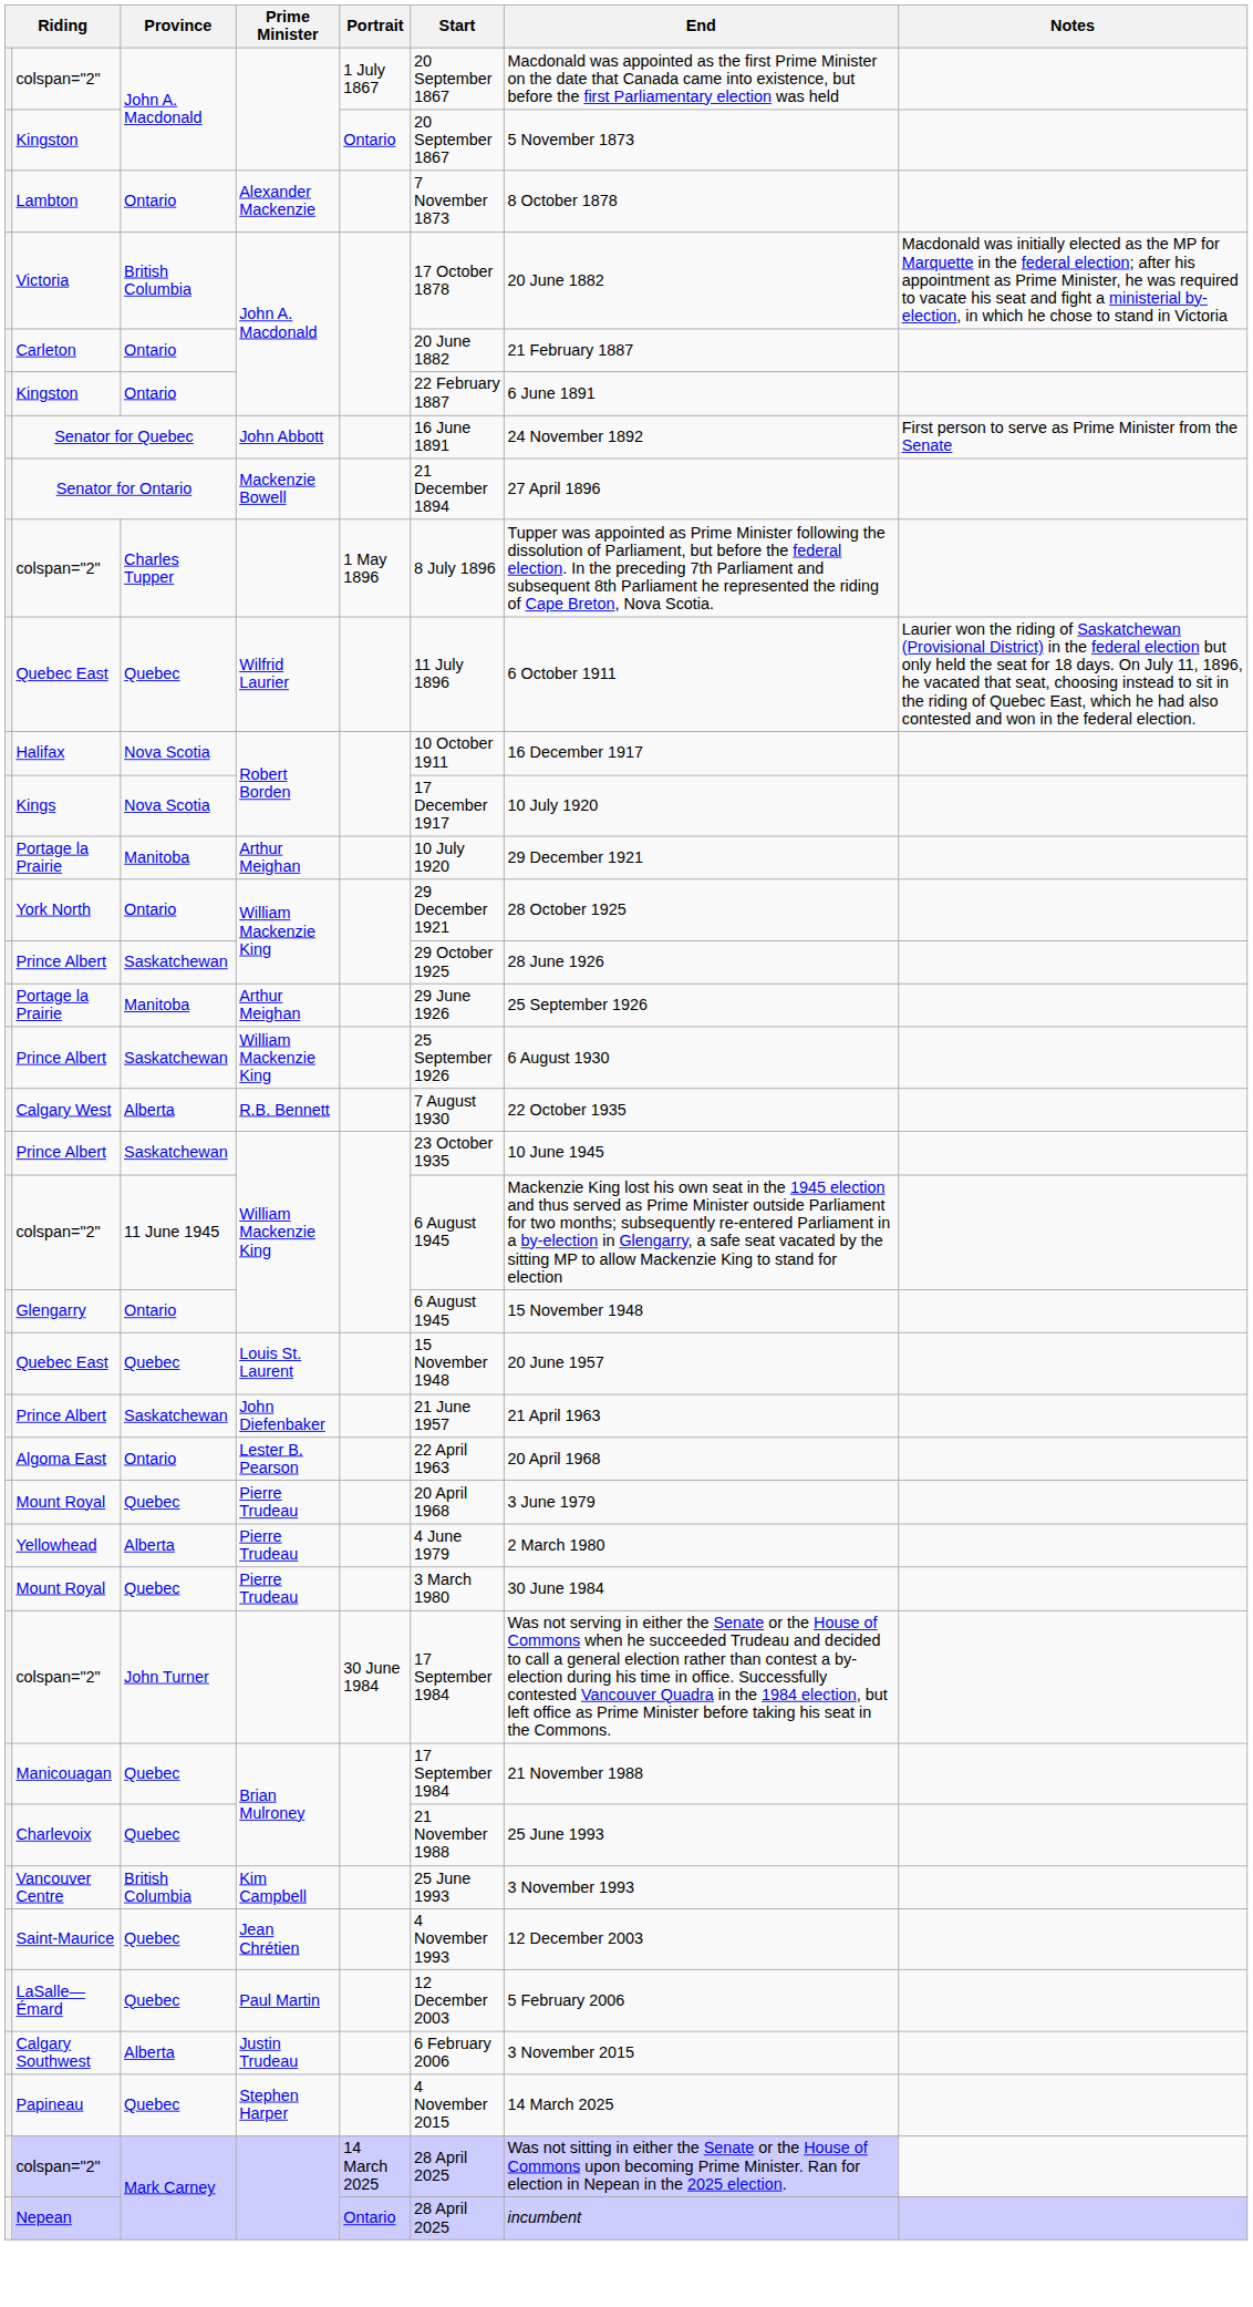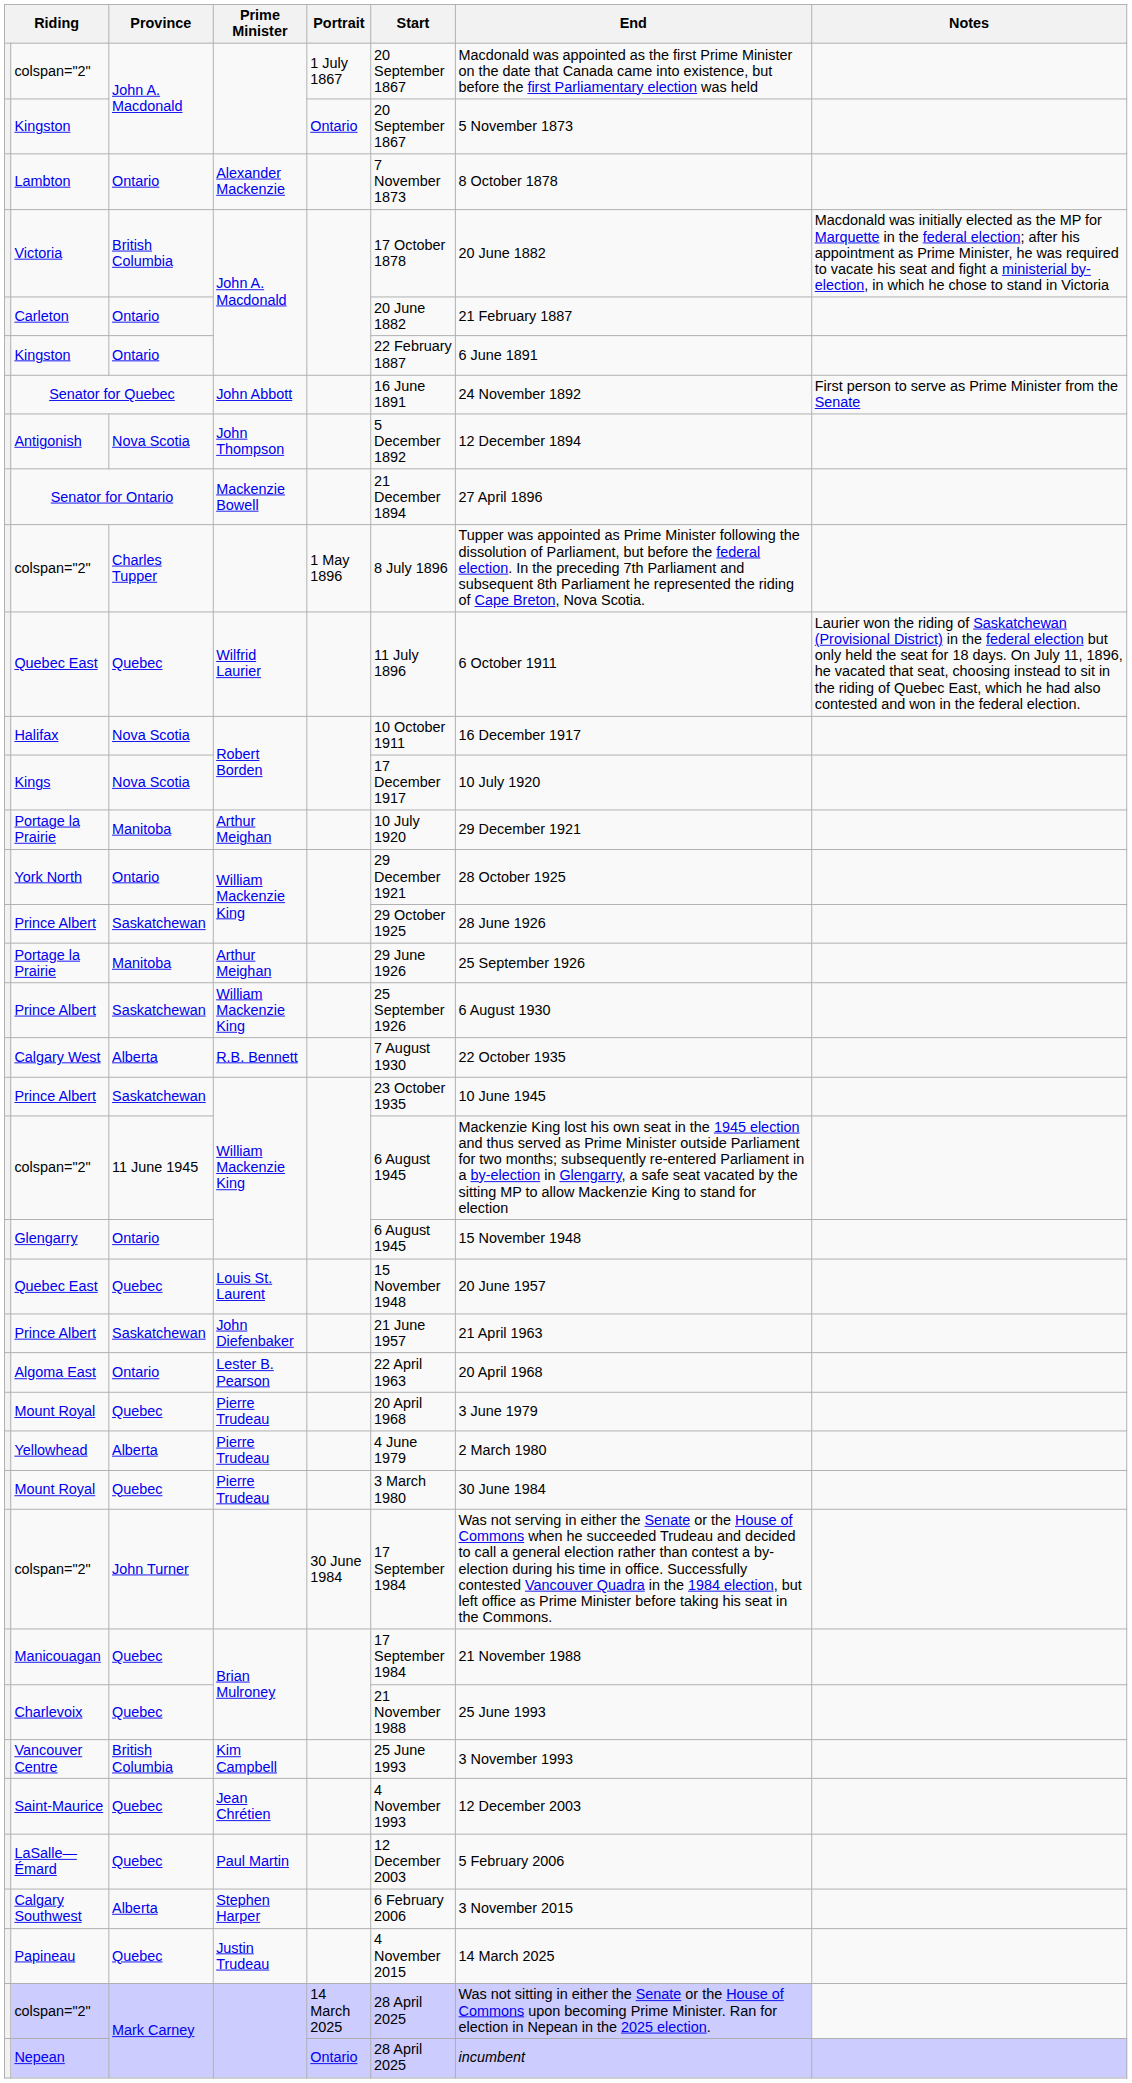 <table class="wikitable sortable sticky-header-multi" style=text-align:center" style="margin:1em auto;">
 <tr>
 <th colspan="2">Riding</th>
 <th>Province</th>
 <th>Prime Minister</th>
 <th class="unsortable">Portrait</th>
 <th data-sort-type="date">Start</th>
 <th data-sort-type="date">End</th>
 <th class="unsortable">Notes</th>
 </tr>
 <tr>
 <th style="background-color: "></th>
 <td>colspan="2" </td>
 <td rowspan=2><a href='#'>John A. Macdonald</a></td>
 <td rowspan=2></td>
 <td>1 July 1867</td>
 <td>20 September 1867</td>
 <td>Macdonald was appointed as the first Prime Minister on the date that Canada came into existence, but before the <a href='#'>first Parliamentary election</a> was held</td>
 </tr>
 <tr>
 <th style="background-color: "></th>
 <td><a href='#'>Kingston</a></td>
 <td> <a href='#'>Ontario</a></td>
 <td>20 September 1867</td>
 <td>5 November 1873</td>
 <td></td>
 </tr>
 <tr>
 <th style="background-color: "></th>
 <td><a href='#'>Lambton</a></td>
 <td> <a href='#'>Ontario</a></td>
 <td><a href='#'>Alexander Mackenzie</a></td>
 <td></td>
 <td>7 November 1873</td>
 <td>8 October 1878</td>
 <td></td>
 </tr>
 <tr>
 <th style="background-color: "></th>
 <td><a href='#'>Victoria</a></td>
 <td> <a href='#'>British Columbia</a></td>
 <td rowspan=3><a href='#'>John A. Macdonald</a></td>
 <td rowspan=3></td>
 <td>17 October 1878</td>
 <td>20 June 1882</td>
 <td>Macdonald was initially elected as the MP for <a href='#'>Marquette</a> in the <a href='#'>federal election</a>; after his appointment as Prime Minister, he was required to vacate his seat and fight a <a href='#'>ministerial by-election</a>, in which he chose to stand in Victoria</td>
 </tr>
 <tr>
 <th style="background-color: "></th>
 <td><a href='#'>Carleton</a></td>
 <td> <a href='#'>Ontario</a></td>
 <td>20 June 1882</td>
 <td>21 February 1887</td>
 <td></td>
 </tr>
 <tr>
 <th style="background-color: "></th>
 <td><a href='#'>Kingston</a></td>
 <td> <a href='#'>Ontario</a></td>
 <td>22 February 1887</td>
 <td>6 June 1891</td>
 <td></td>
 </tr>
 <tr>
 <th style="background-color: "></th>
 <td colspan=2 align=center> <a href='#'>Senator for Quebec</a></td>
 <td><a href='#'>John Abbott</a></td>
 <td></td>
 <td>16 June 1891</td>
 <td>24 November 1892</td>
 <td>First person to serve as Prime Minister from the <a href='#'>Senate</a></td>
+</tr>
+<tr>
+<th style="background-color: "></th>
+<td><a href='#'>Antigonish</a></td>
+<td> <a href='#'>Nova Scotia</a></td>
+<td><a href='#'>John Thompson</a></td>
+<td></td>
+<td>5 December 1892</td>
+<td>12 December 1894</td>
+<td></td>
 </tr>
 <tr>
 <th style="background-color: "></th>
 <td colspan=2 align=center> <a href='#'>Senator for Ontario</a></td>
 <td><a href='#'>Mackenzie Bowell</a></td>
 <td></td>
 <td>21 December 1894</td>
 <td>27 April 1896</td>
 <td></td>
 </tr>
 <tr>
 <th style="background-color: "></th>
 <td>colspan="2" </td>
 <td><a href='#'>Charles Tupper</a></td>
 <td></td>
 <td>1 May 1896</td>
 <td>8 July 1896</td>
 <td>Tupper was appointed as Prime Minister following the dissolution of Parliament, but before the <a href='#'>federal election</a>. In the preceding 7th Parliament and subsequent 8th Parliament he represented the riding of <a href='#'>Cape Breton</a>, Nova Scotia.</td>
 </tr>
 <tr>
 <th style="background-color: "></th>
 <td><a href='#'>Quebec East</a></td>
 <td> <a href='#'>Quebec</a></td>
 <td><a href='#'>Wilfrid Laurier</a></td>
 <td></td>
 <td>11 July 1896</td>
 <td>6 October 1911</td>
 <td>Laurier won the riding of <a href='#'>Saskatchewan (Provisional District)</a> in the <a href='#'>federal election</a> but only held the seat for 18 days. On July 11, 1896, he vacated that seat, choosing instead to sit in the riding of Quebec East, which he had also contested and won in the federal election.</td>
 </tr>
 <tr>
 <th style="background-color: "></th>
 <td><a href='#'>Halifax</a></td>
 <td> <a href='#'>Nova Scotia</a></td>
 <td rowspan=2><a href='#'>Robert Borden</a></td>
 <td rowspan=2></td>
 <td>10 October 1911</td>
 <td>16 December 1917</td>
 <td></td>
 </tr>
 <tr>
 <th style="background-color: "></th>
 <td><a href='#'>Kings</a></td>
 <td> <a href='#'>Nova Scotia</a></td>
 <td>17 December 1917</td>
 <td>10 July 1920</td>
 <td></td>
 </tr>
 <tr>
 <th style="background-color: "></th>
 <td><a href='#'>Portage la Prairie</a></td>
 <td> <a href='#'>Manitoba</a></td>
 <td><a href='#'>Arthur Meighan</a></td>
 <td></td>
 <td>10 July 1920</td>
 <td>29 December 1921</td>
 <td></td>
 </tr>
 <tr>
 <th style="background-color: "></th>
 <td><a href='#'>York North</a></td>
 <td> <a href='#'>Ontario</a></td>
 <td rowspan=2><a href='#'>William Mackenzie King</a></td>
 <td Rowspan=2></td>
 <td>29 December 1921</td>
 <td>28 October 1925</td>
 <td></td>
 </tr>
 <tr>
 <th style="background-color: "></th>
 <td><a href='#'>Prince Albert</a></td>
 <td> <a href='#'>Saskatchewan</a></td>
 <td>29 October 1925</td>
 <td>28 June 1926</td>
 <td></td>
 </tr>
 <tr>
 <th style="background-color: "></th>
 <td><a href='#'>Portage la Prairie</a></td>
 <td> <a href='#'>Manitoba</a></td>
 <td><a href='#'>Arthur Meighan</a></td>
 <td></td>
 <td>29 June 1926</td>
 <td>25 September 1926</td>
 <td></td>
 </tr>
 <tr>
 <th style="background-color: "></th>
 <td><a href='#'>Prince Albert</a></td>
 <td> <a href='#'>Saskatchewan</a></td>
 <td><a href='#'>William Mackenzie King</a></td>
 <td></td>
 <td>25 September 1926</td>
 <td>6 August 1930</td>
 <td></td>
 </tr>
 <tr>
 <th style="background-color: "></th>
 <td><a href='#'>Calgary West</a></td>
 <td> <a href='#'>Alberta</a></td>
 <td><a href='#'>R.B. Bennett</a></td>
 <td></td>
 <td>7 August 1930</td>
 <td>22 October 1935</td>
 <td></td>
 </tr>
 <tr>
 <th style="background-color: "></th>
 <td><a href='#'>Prince Albert</a></td>
 <td> <a href='#'>Saskatchewan</a></td>
 <td rowspan=3><a href='#'>William Mackenzie King</a></td>
 <td Rowspan=3></td>
 <td>23 October 1935</td>
 <td>10 June 1945</td>
 <td></td>
 </tr>
 <tr>
 <th style="background-color: "></th>
 <td>colspan="2" </td>
 <td>11 June 1945</td>
 <td>6 August 1945</td>
 <td>Mackenzie King lost his own seat in the <a href='#'>1945 election</a> and thus served as Prime Minister outside Parliament for two months; subsequently re-entered Parliament in a <a href='#'>by-election</a> in <a href='#'>Glengarry</a>, a safe seat vacated by the sitting MP to allow Mackenzie King to stand for election</td>
 </tr>
 <tr>
 <th style="background-color: "></th>
 <td><a href='#'>Glengarry</a></td>
 <td> <a href='#'>Ontario</a></td>
 <td>6 August 1945</td>
 <td>15 November 1948</td>
 <td></td>
 </tr>
 <tr>
 <th style="background-color: "></th>
 <td><a href='#'>Quebec East</a></td>
 <td> <a href='#'>Quebec</a></td>
 <td><a href='#'>Louis St. Laurent</a></td>
 <td></td>
 <td>15 November 1948</td>
 <td>20 June 1957</td>
 <td></td>
 </tr>
 <tr>
 <th style="background-color: "></th>
 <td><a href='#'>Prince Albert</a></td>
 <td> <a href='#'>Saskatchewan</a></td>
 <td><a href='#'>John Diefenbaker</a></td>
 <td></td>
 <td>21 June 1957</td>
 <td>21 April 1963</td>
 <td></td>
 </tr>
 <tr>
 <th style="background-color: "></th>
 <td><a href='#'>Algoma East</a></td>
 <td> <a href='#'>Ontario</a></td>
 <td><a href='#'>Lester B. Pearson</a></td>
 <td></td>
 <td>22 April 1963</td>
 <td>20 April 1968</td>
 <td></td>
 </tr>
 <tr>
 <th style="background-color: "></th>
 <td><a href='#'>Mount Royal</a></td>
 <td> <a href='#'>Quebec</a></td>
 <td><a href='#'>Pierre Trudeau</a></td>
 <td></td>
 <td>20 April 1968</td>
 <td>3 June 1979</td>
 <td></td>
 </tr>
 <tr>
 <th style="background-color: "></th>
 <td><a href='#'>Yellowhead</a></td>
 <td> <a href='#'>Alberta</a></td>
 <td><a href='#'>Pierre Trudeau</a></td>
 <td></td>
 <td>4 June 1979</td>
 <td>2 March 1980</td>
 <td></td>
 </tr>
 <tr>
 <th style="background-color: "></th>
 <td><a href='#'>Mount Royal</a></td>
 <td> <a href='#'>Quebec</a></td>
 <td><a href='#'>Pierre Trudeau</a></td>
 <td></td>
 <td>3 March 1980</td>
 <td>30 June 1984</td>
 <td></td>
 </tr>
 <tr>
 <th style="background-color: "></th>
 <td>colspan="2" </td>
 <td><a href='#'>John Turner</a></td>
 <td></td>
 <td>30 June 1984</td>
 <td>17 September 1984</td>
 <td>Was not serving in either the <a href='#'>Senate</a> or the <a href='#'>House of Commons</a> when he succeeded Trudeau and decided to call a general election rather than contest a by-election during his time in office. Successfully contested <a href='#'>Vancouver Quadra</a> in the <a href='#'>1984 election</a>, but left office as Prime Minister before taking his seat in the Commons.</td>
 </tr>
 <tr>
 <th style="background-color: "></th>
 <td><a href='#'>Manicouagan</a></td>
 <td> <a href='#'>Quebec</a></td>
 <td rowspan=2><a href='#'>Brian Mulroney</a></td>
 <td rowspan=2></td>
 <td>17 September 1984</td>
 <td>21 November 1988</td>
 <td></td>
 </tr>
 <tr>
 <th style="background-color: "></th>
 <td><a href='#'>Charlevoix</a></td>
 <td> <a href='#'>Quebec</a></td>
 <td>21 November 1988</td>
 <td>25 June 1993</td>
 <td></td>
 </tr>
 <tr>
 <th style="background-color: "></th>
 <td><a href='#'>Vancouver Centre</a></td>
 <td> <a href='#'>British Columbia</a></td>
 <td><a href='#'>Kim Campbell</a></td>
 <td></td>
 <td>25 June 1993</td>
 <td>3 November 1993</td>
 <td></td>
 </tr>
 <tr>
 <th style="background-color: "></th>
 <td><a href='#'>Saint-Maurice</a></td>
 <td> <a href='#'>Quebec</a></td>
 <td><a href='#'>Jean Chrétien</a></td>
 <td></td>
 <td>4 November 1993</td>
 <td>12 December 2003</td>
 <td></td>
 </tr>
 <tr>
 <th style="background-color: "></th>
 <td><a href='#'>LaSalle—Émard</a></td>
 <td> <a href='#'>Quebec</a></td>
 <td><a href='#'>Paul Martin</a></td>
 <td></td>
 <td>12 December 2003</td>
 <td>5 February 2006</td>
 <td></td>
 </tr>
 <tr>
 <th style="background-color: "></th>
 <td><a href='#'>Calgary Southwest</a></td>
 <td> <a href='#'>Alberta</a></td>
-<td><a href='#'>Justin Trudeau</a></td>
+<td><a href='#'>Stephen Harper</a></td>
 <td></td>
 <td>6 February 2006</td>
 <td>3 November 2015</td>
 <td></td>
 </tr>
 <tr>
 <th style="background-color: "></th>
 <td><a href='#'>Papineau</a></td>
 <td> <a href='#'>Quebec</a></td>
-<td><a href='#'>Stephen Harper</a></td>
+<td><a href='#'>Justin Trudeau</a></td>
 <td></td>
 <td>4 November 2015</td>
 <td>14 March 2025</td>
 <td></td>
 </tr>
 <tr style="text-align: left; background: #CCCCFF;">
 <th style="background-color: "></th>
 <td>colspan="2" </td>
 <td rowspan=2><a href='#'>Mark Carney</a></td>
 <td rowspan=2></td>
 <td>14 March 2025</td>
 <td>28 April 2025</td>
 <td>Was not sitting in either the <a href='#'>Senate</a> or the <a href='#'>House of Commons</a> upon becoming Prime Minister. Ran for election in Nepean in the <a href='#'>2025 election</a>.</td>
 </tr>
 <tr style="text-align: left; background: #CCCCFF;">
 <th style="background-color: "></th>
 <td><a href='#'>Nepean</a></td>
 <td> <a href='#'>Ontario</a></td>
 <td>28 April 2025</td>
 <td><em>incumbent</em></td>
 <td></td>
 </tr>
 </table>
